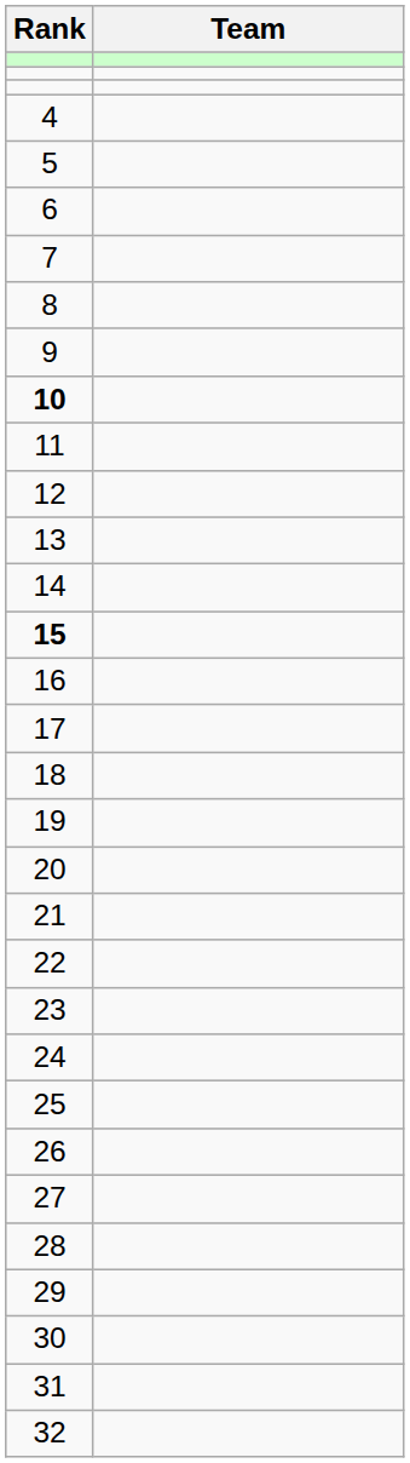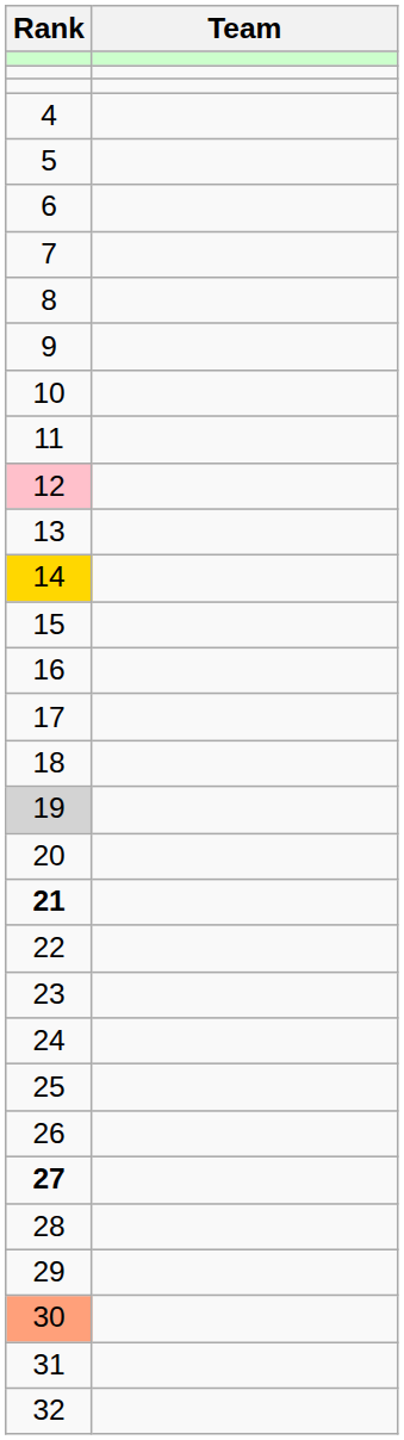 <table class="wikitable" style="text-align:center">
 <tr>
 <th width=40>Rank</th>
 <th width=160>Team</th>
 </tr>
 <tr bgcolor=#ccffcc>
 <td></td>
 <td style="text-align:left"></td>
 </tr>
 <tr>
 <td></td>
 <td style="text-align:left"></td>
 </tr>
 <tr>
 <td></td>
 <td style="text-align:left"></td>
 </tr>
 <tr>
 <td>4</td>
 <td style="text-align:left"></td>
 </tr>
 <tr>
 <td>5</td>
 <td style="text-align:left"></td>
 </tr>
 <tr>
 <td>6</td>
 <td style="text-align:left"></td>
 </tr>
 <tr>
 <td>7</td>
 <td style="text-align:left"></td>
 </tr>
 <tr>
 <td>8</td>
 <td style="text-align:left"></td>
 </tr>
 <tr>
 <td>9</td>
 <td style="text-align:left"></td>
 </tr>
 <tr>
-<td><strong>10</strong></td>
+<td>10</td>
 <td style="text-align:left"></td>
 </tr>
 <tr>
 <td>11</td>
 <td style="text-align:left"></td>
 </tr>
 <tr>
-<td>12</td>
+<td style="background: pink;">12</td>
 <td style="text-align:left"></td>
 </tr>
 <tr>
 <td>13</td>
 <td style="text-align:left"></td>
 </tr>
 <tr>
-<td>14</td>
+<td style="background: gold;">14</td>
 <td style="text-align:left"></td>
 </tr>
 <tr>
-<td><strong>15</strong></td>
+<td>15</td>
 <td style="text-align:left"></td>
 </tr>
 <tr>
 <td>16</td>
 <td style="text-align:left"></td>
 </tr>
 <tr>
 <td>17</td>
 <td style="text-align:left"></td>
 </tr>
 <tr>
 <td>18</td>
 <td style="text-align:left"></td>
 </tr>
 <tr>
-<td>19</td>
+<td style="background: lightgrey;">19</td>
 <td style="text-align:left"></td>
 </tr>
 <tr>
 <td>20</td>
 <td style="text-align:left"></td>
 </tr>
 <tr>
-<td>21</td>
+<td><strong>21</strong></td>
 <td style="text-align:left"></td>
 </tr>
 <tr>
 <td>22</td>
 <td style="text-align:left"></td>
 </tr>
 <tr>
 <td>23</td>
 <td style="text-align:left"></td>
 </tr>
 <tr>
 <td>24</td>
 <td style="text-align:left"></td>
 </tr>
 <tr>
 <td>25</td>
 <td style="text-align:left"></td>
 </tr>
 <tr>
 <td>26</td>
 <td style="text-align:left"></td>
 </tr>
 <tr>
-<td>27</td>
+<td><strong>27</strong></td>
 <td style="text-align:left"></td>
 </tr>
 <tr>
 <td>28</td>
 <td style="text-align:left"></td>
 </tr>
 <tr>
 <td>29</td>
 <td style="text-align:left"></td>
 </tr>
 <tr>
-<td>30</td>
+<td style="background: lightsalmon;">30</td>
 <td style="text-align:left"></td>
 </tr>
 <tr>
 <td>31</td>
 <td style="text-align:left"></td>
 </tr>
 <tr>
 <td>32</td>
 <td style="text-align:left"></td>
 </tr>
 </table>
